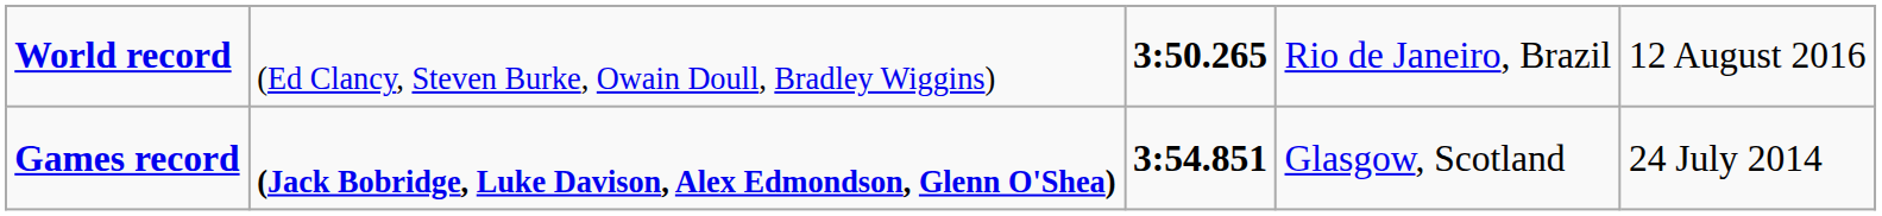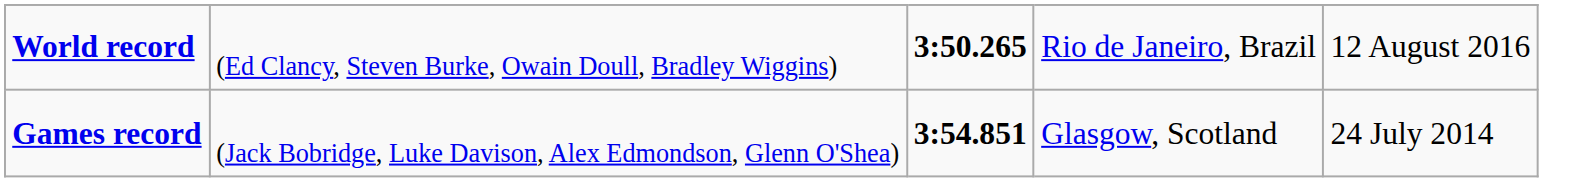 <table class="wikitable">
 <tr>
 <td><a href='#'><strong>World record</strong></a></td>
 <td><br><small>(<a href='#'>Ed Clancy</a>, <a href='#'>Steven Burke</a>, <a href='#'>Owain Doull</a>, <a href='#'>Bradley Wiggins</a>)</small></td>
 <td><strong>3:50.265</strong></td>
 <td><a href='#'>Rio de Janeiro</a>, Brazil</td>
 <td>12 August 2016</td>
 </tr>
 <tr>
 <td><a href='#'><strong>Games record</strong></a></td>
-<td><strong><br><small>(<a href='#'>Jack Bobridge</a>, <a href='#'>Luke Davison</a>, <a href='#'>Alex Edmondson</a>, <a href='#'>Glenn O'Shea</a>)</small></strong></td>
+<td><br><small>(<a href='#'>Jack Bobridge</a>, <a href='#'>Luke Davison</a>, <a href='#'>Alex Edmondson</a>, <a href='#'>Glenn O'Shea</a>)</small></td>
 <td><strong>3:54.851</strong></td>
 <td><a href='#'>Glasgow</a>, Scotland</td>
 <td>24 July 2014</td>
 </tr>
 </table>
